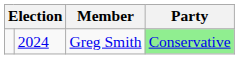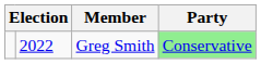 <table class="wikitable">
 <tr>
 <th colspan="2">Election</th>
 <th>Member</th>
 <th>Party</th>
 </tr>
 <tr>
 <td style="color:inherit;background-color: "></td>
-<td><a href='#'>2024</a></td>
+<td><a href='#'>2022</a></td>
 <td><a href='#'>Greg Smith</a></td>
 <td style="background: lightgreen;"><a href='#'>Conservative</a></td>
 </tr>
 </table>
